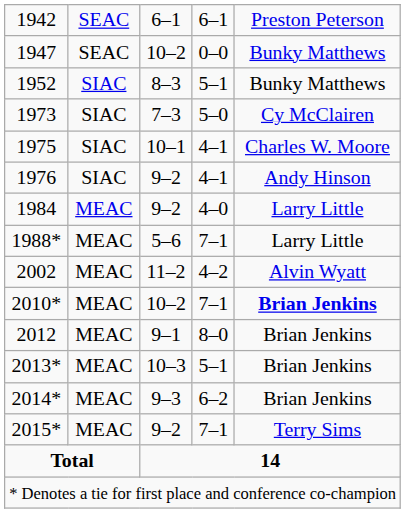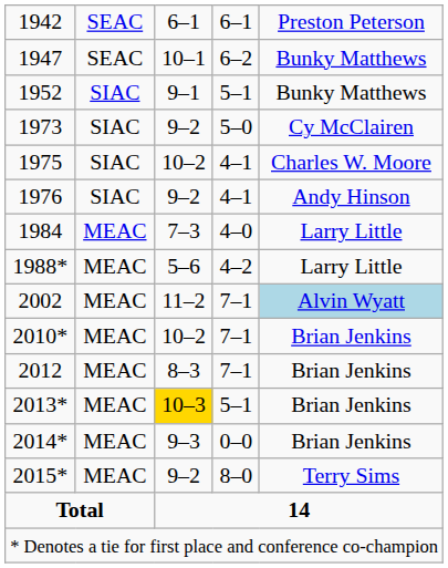 <table class="wikitable" style="text-align:center">
 <tr>
 <td>1942</td>
 <td><a href='#'>SEAC</a></td>
 <td>6–1</td>
 <td>6–1</td>
 <td><a href='#'>Preston Peterson</a></td>
 </tr>
 <tr align="center">
 <td>1947</td>
 <td>SEAC</td>
-<td>10–2</td>
-<td>0–0</td>
+<td>10–1</td>
+<td>6–2</td>
 <td><a href='#'>Bunky Matthews</a></td>
 </tr>
 <tr align="center">
 <td>1952</td>
 <td><a href='#'>SIAC</a></td>
-<td>8–3</td>
+<td>9–1</td>
 <td>5–1</td>
 <td>Bunky Matthews</td>
 </tr>
 <tr align="center">
 <td>1973</td>
 <td>SIAC</td>
-<td>7–3</td>
+<td>9–2</td>
 <td>5–0</td>
 <td><a href='#'>Cy McClairen</a></td>
 </tr>
 <tr align="center">
 <td>1975</td>
 <td>SIAC</td>
-<td>10–1</td>
+<td>10–2</td>
 <td>4–1</td>
 <td><a href='#'>Charles W. Moore</a></td>
 </tr>
 <tr align="center">
 <td>1976</td>
 <td>SIAC</td>
 <td>9–2</td>
 <td>4–1</td>
 <td><a href='#'>Andy Hinson</a></td>
 </tr>
 <tr align="center">
 <td>1984</td>
 <td><a href='#'>MEAC</a></td>
-<td>9–2</td>
+<td>7–3</td>
 <td>4–0</td>
 <td><a href='#'>Larry Little</a></td>
 </tr>
 <tr align="center">
 <td>1988*</td>
 <td>MEAC</td>
 <td>5–6</td>
-<td>7–1</td>
+<td>4–2</td>
 <td>Larry Little</td>
 </tr>
 <tr align="center">
 <td>2002</td>
 <td>MEAC</td>
 <td>11–2</td>
-<td>4–2</td>
-<td><a href='#'>Alvin Wyatt</a></td>
+<td>7–1</td>
+<td style="background: lightblue;"><a href='#'>Alvin Wyatt</a></td>
 </tr>
 <tr align="center">
 <td>2010*</td>
 <td>MEAC</td>
 <td>10–2</td>
 <td>7–1</td>
-<td><strong><a href='#'>Brian Jenkins</a></strong></td>
+<td><a href='#'>Brian Jenkins</a></td>
 </tr>
 <tr align="center">
 <td>2012</td>
 <td>MEAC</td>
-<td>9–1</td>
-<td>8–0</td>
+<td>8–3</td>
+<td>7–1</td>
 <td>Brian Jenkins</td>
 </tr>
 <tr align="center">
 <td>2013*</td>
 <td>MEAC</td>
-<td>10–3</td>
+<td style="background: gold;">10–3</td>
 <td>5–1</td>
 <td>Brian Jenkins</td>
 </tr>
 <tr align="center">
 <td>2014*</td>
 <td>MEAC</td>
 <td>9–3</td>
-<td>6–2</td>
+<td>0–0</td>
 <td>Brian Jenkins</td>
 </tr>
 <tr align="center">
 <td>2015*</td>
 <td>MEAC</td>
 <td>9–2</td>
-<td>7–1</td>
+<td>8–0</td>
 <td><a href='#'>Terry Sims</a></td>
 </tr>
 <tr align="center">
 <td colspan=2><strong>Total</strong></td>
 <td colspan=3><strong>14</strong></td>
 </tr>
 <tr>
 <td colspan=5><small>* Denotes a tie for first place and conference co-champion</small></td>
 </tr>
 </table>
